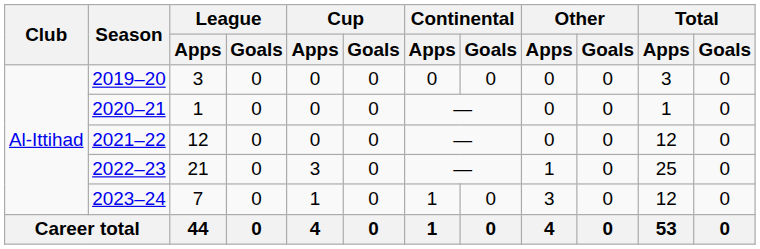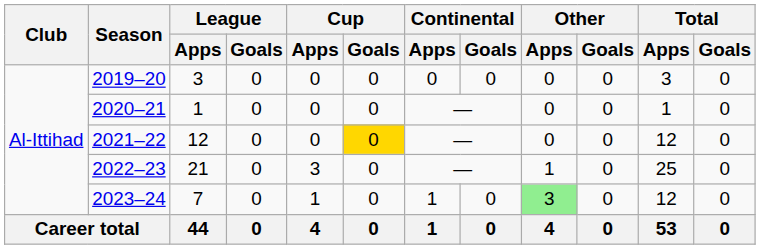 <table class="wikitable" style="text-align: center">
 <tr>
 <th rowspan="2">Club</th>
 <th rowspan="2">Season</th>
 <th colspan="2">League</th>
 <th colspan="2">Cup</th>
 <th colspan="2">Continental</th>
 <th colspan="2">Other</th>
 <th colspan="2">Total</th>
 </tr>
 <tr>
 <th>Apps</th>
 <th>Goals</th>
 <th>Apps</th>
 <th>Goals</th>
 <th>Apps</th>
 <th>Goals</th>
 <th>Apps</th>
 <th>Goals</th>
 <th>Apps</th>
 <th>Goals</th>
 </tr>
 <tr>
 <td rowspan="5"><a href='#'>Al-Ittihad</a></td>
 <td><a href='#'>2019–20</a></td>
 <td>3</td>
 <td>0</td>
 <td>0</td>
 <td>0</td>
 <td>0</td>
 <td>0</td>
 <td>0</td>
 <td>0</td>
 <td>3</td>
 <td>0</td>
 </tr>
 <tr>
 <td><a href='#'>2020–21</a></td>
 <td>1</td>
 <td>0</td>
 <td>0</td>
 <td>0</td>
 <td colspan=2>—</td>
 <td>0</td>
 <td>0</td>
 <td>1</td>
 <td>0</td>
 </tr>
 <tr>
 <td><a href='#'>2021–22</a></td>
 <td>12</td>
 <td>0</td>
 <td>0</td>
-<td>0</td>
+<td style="background: gold;">0</td>
 <td colspan=2>—</td>
 <td>0</td>
 <td>0</td>
 <td>12</td>
 <td>0</td>
 </tr>
 <tr>
 <td><a href='#'>2022–23</a></td>
 <td>21</td>
 <td>0</td>
 <td>3</td>
 <td>0</td>
 <td colspan=2>—</td>
 <td>1</td>
 <td>0</td>
 <td>25</td>
 <td>0</td>
 </tr>
 <tr>
 <td><a href='#'>2023–24</a></td>
 <td>7</td>
 <td>0</td>
 <td>1</td>
 <td>0</td>
 <td>1</td>
 <td>0</td>
-<td>3</td>
+<td style="background: lightgreen;">3</td>
 <td>0</td>
 <td>12</td>
 <td>0</td>
 </tr>
 <tr>
 <th colspan=2>Career total</th>
 <th>44</th>
 <th>0</th>
 <th>4</th>
 <th>0</th>
 <th>1</th>
 <th>0</th>
 <th>4</th>
 <th>0</th>
 <th>53</th>
 <th>0</th>
 </tr>
 </table>
